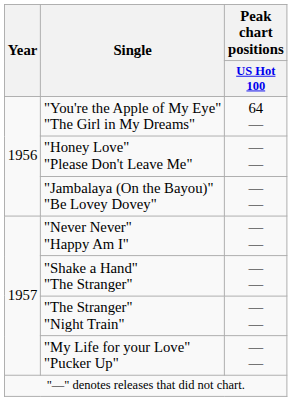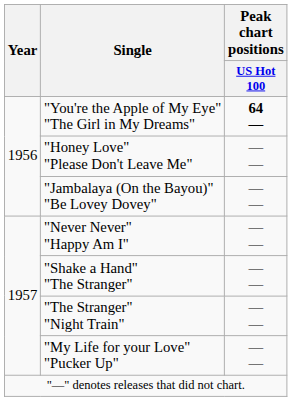 <table class="wikitable" style="text-align:center;">
 <tr>
 <th style="text-align:center;" rowspan="2">Year</th>
 <th style="text-align:center;" rowspan="2">Single</th>
 <th style="text-align:center;" colspan="1">Peak chart positions</th>
 </tr>
 <tr>
 <th scope=col style="width:2.5em;font-size:85%"><a href='#'>US Hot 100</a><br></th>
 </tr>
 <tr>
 <td rowspan="3">1956</td>
 <td style="text-align:left;">"You're the Apple of My Eye"<br>"The Girl in My Dreams"</td>
-<td>64<br>—</td>
+<td><strong>64<br>—</strong></td>
 </tr>
 <tr>
 <td style="text-align:left;">"Honey Love"<br>"Please Don't Leave Me"</td>
 <td>—<br>—</td>
 </tr>
 <tr>
 <td style="text-align:left;">"Jambalaya (On the Bayou)"<br>"Be Lovey Dovey"</td>
 <td>—<br>—</td>
 </tr>
 <tr>
 <td rowspan="4">1957</td>
 <td style="text-align:left;">"Never Never"<br>"Happy Am I"</td>
 <td>—<br>—</td>
 </tr>
 <tr>
 <td style="text-align:left;">"Shake a Hand"<br>"The Stranger"</td>
 <td>—<br>—</td>
 </tr>
 <tr>
 <td style="text-align:left;">"The Stranger"<br>"Night Train"</td>
 <td>—<br>—</td>
 </tr>
 <tr>
 <td style="text-align:left;">"My Life for your Love"<br>"Pucker Up"</td>
 <td>—<br>—</td>
 </tr>
 <tr>
 <td colspan="11" style="text-align:center; font-size:85%">"—" denotes releases that did not chart.</td>
 </tr>
 </table>
